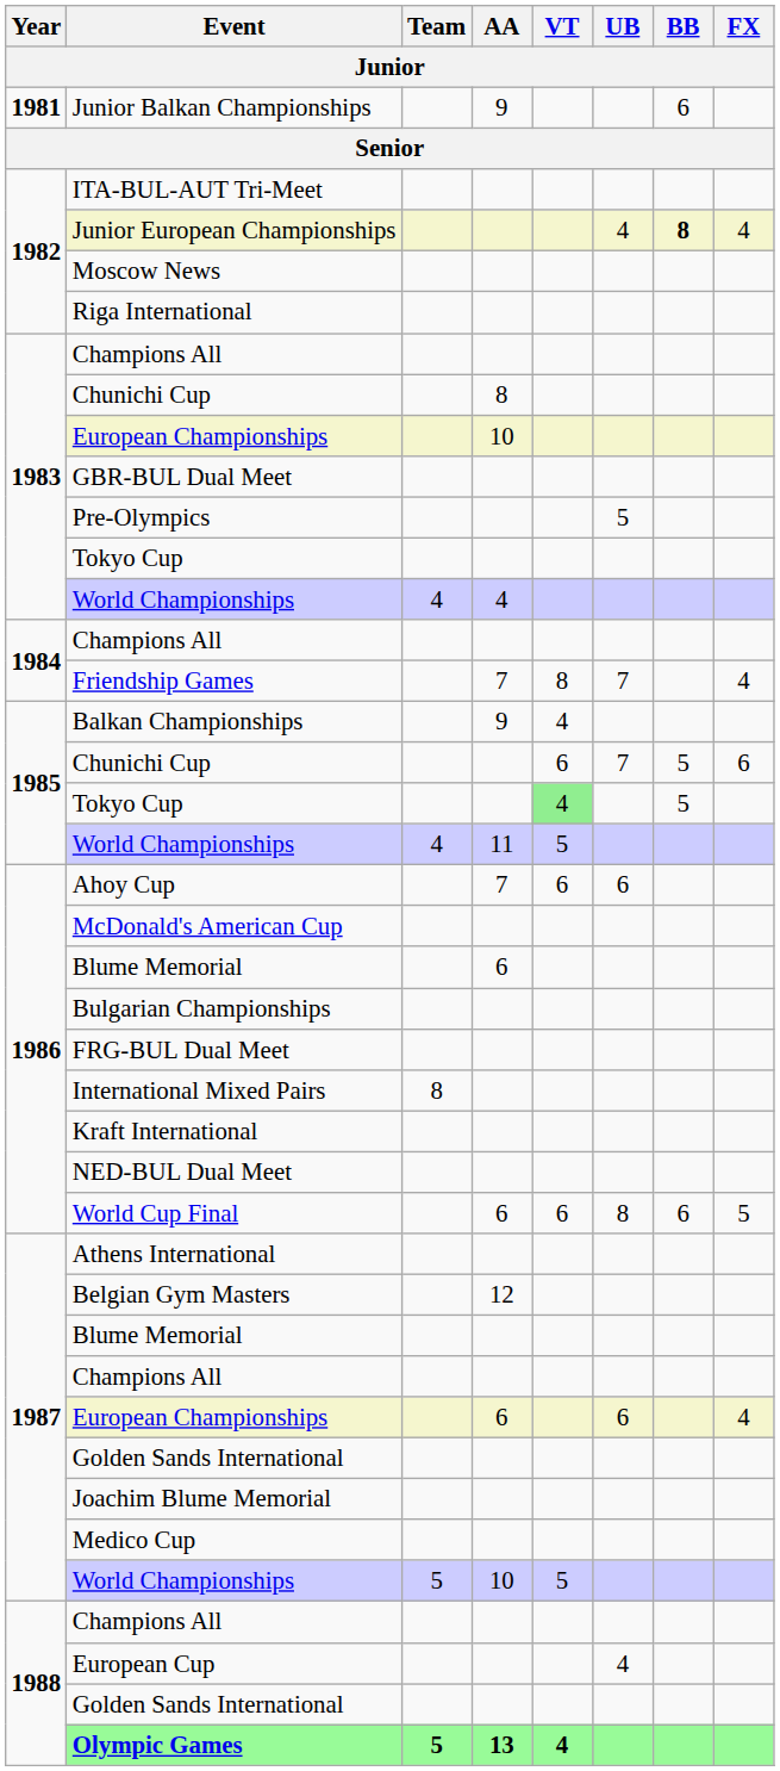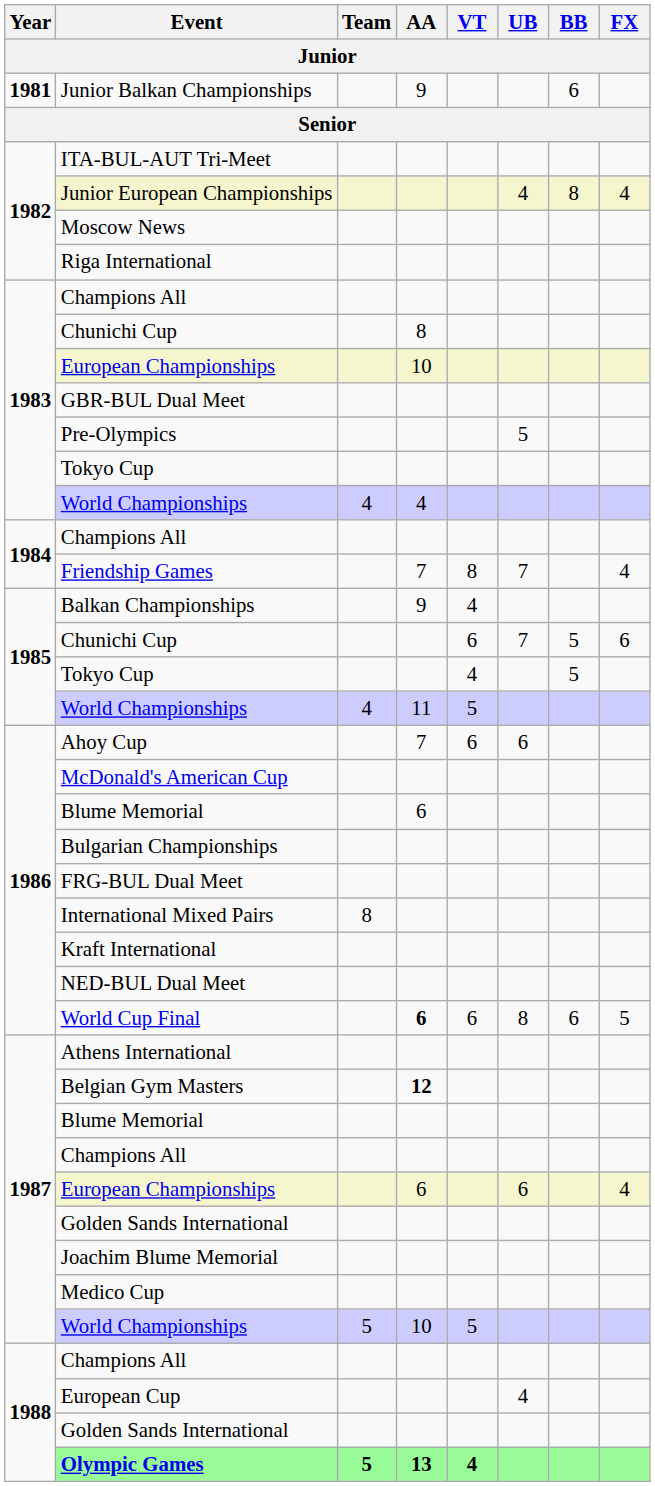 <table class="wikitable" style="text-align:center; font-size:95%;">
 <tr>
 <th align=center>Year</th>
 <th align=center>Event</th>
 <th style="width:30px;">Team</th>
 <th style="width:30px;">AA</th>
 <th style="width:30px;"><a href='#'>VT</a></th>
 <th style="width:30px;"><a href='#'>UB</a></th>
 <th style="width:30px;"><a href='#'>BB</a></th>
 <th style="width:30px;"><a href='#'>FX</a></th>
 </tr>
 <tr>
 <th colspan="8"><strong>Junior</strong></th>
 </tr>
 <tr>
 <td rowspan="1"><strong>1981</strong></td>
 <td align=left>Junior Balkan Championships</td>
 <td></td>
 <td>9</td>
 <td></td>
 <td></td>
 <td>6</td>
 <td></td>
 </tr>
 <tr>
 <th colspan="8"><strong>Senior</strong></th>
 </tr>
 <tr>
 <td rowspan="4"><strong>1982</strong></td>
 <td align=left>ITA-BUL-AUT Tri-Meet</td>
 <td></td>
 <td></td>
 <td></td>
 <td></td>
 <td></td>
 <td></td>
 </tr>
 <tr bgcolor=#F5F6CE>
 <td align=left>Junior European Championships</td>
 <td></td>
 <td></td>
 <td></td>
 <td>4</td>
-<td><strong>8</strong></td>
+<td>8</td>
 <td>4</td>
 </tr>
 <tr>
 <td align=left>Moscow News</td>
 <td></td>
 <td></td>
 <td></td>
 <td></td>
 <td></td>
 <td></td>
 </tr>
 <tr>
 <td align=left>Riga International</td>
 <td></td>
 <td></td>
 <td></td>
 <td></td>
 <td></td>
 <td></td>
 </tr>
 <tr>
 <td rowspan="7"><strong>1983</strong></td>
 <td align=left>Champions All</td>
 <td></td>
 <td></td>
 <td></td>
 <td></td>
 <td></td>
 <td></td>
 </tr>
 <tr>
 <td align=left>Chunichi Cup</td>
 <td></td>
 <td>8</td>
 <td></td>
 <td></td>
 <td></td>
 <td></td>
 </tr>
 <tr bgcolor=#F5F6CE>
 <td align=left><a href='#'>European Championships</a></td>
 <td></td>
 <td>10</td>
 <td></td>
 <td></td>
 <td></td>
 <td></td>
 </tr>
 <tr>
 <td align=left>GBR-BUL Dual Meet</td>
 <td></td>
 <td></td>
 <td></td>
 <td></td>
 <td></td>
 <td></td>
 </tr>
 <tr>
 <td align=left>Pre-Olympics</td>
 <td></td>
 <td></td>
 <td></td>
 <td>5</td>
 <td></td>
 <td></td>
 </tr>
 <tr>
 <td align=left>Tokyo Cup</td>
 <td></td>
 <td></td>
 <td></td>
 <td></td>
 <td></td>
 <td></td>
 </tr>
 <tr bgcolor=#CCCCFF>
 <td align=left><a href='#'>World Championships</a></td>
 <td>4</td>
 <td>4</td>
 <td></td>
 <td></td>
 <td></td>
 <td></td>
 </tr>
 <tr>
 <td rowspan="2"><strong>1984</strong></td>
 <td align=left>Champions All</td>
 <td></td>
 <td></td>
 <td></td>
 <td></td>
 <td></td>
 <td></td>
 </tr>
 <tr>
 <td align=left><a href='#'>Friendship Games</a></td>
 <td></td>
 <td>7</td>
 <td>8</td>
 <td>7</td>
 <td></td>
 <td>4</td>
 </tr>
 <tr>
 <td rowspan="4"><strong>1985</strong></td>
 <td align=left>Balkan Championships</td>
 <td></td>
 <td>9</td>
 <td>4</td>
 <td></td>
 <td></td>
 <td></td>
 </tr>
 <tr>
 <td align=left>Chunichi Cup</td>
 <td></td>
 <td></td>
 <td>6</td>
 <td>7</td>
 <td>5</td>
 <td>6</td>
 </tr>
 <tr>
 <td align=left>Tokyo Cup</td>
 <td></td>
 <td></td>
-<td style="background: lightgreen;">4</td>
+<td>4</td>
 <td></td>
 <td>5</td>
 <td></td>
 </tr>
 <tr bgcolor=#CCCCFF>
 <td align=left><a href='#'>World Championships</a></td>
 <td>4</td>
 <td>11</td>
 <td>5</td>
 <td></td>
 <td></td>
 <td></td>
 </tr>
 <tr>
 <td rowspan="9"><strong>1986</strong></td>
 <td align=left>Ahoy Cup</td>
 <td></td>
 <td>7</td>
 <td>6</td>
 <td>6</td>
 <td></td>
 <td></td>
 </tr>
 <tr>
 <td align=left><a href='#'>McDonald's American Cup</a></td>
 <td></td>
 <td></td>
 <td></td>
 <td></td>
 <td></td>
 <td></td>
 </tr>
 <tr>
 <td align=left>Blume Memorial</td>
 <td></td>
 <td>6</td>
 <td></td>
 <td></td>
 <td></td>
 <td></td>
 </tr>
 <tr>
 <td align=left>Bulgarian Championships</td>
 <td></td>
 <td></td>
 <td></td>
 <td></td>
 <td></td>
 <td></td>
 </tr>
 <tr>
 <td align=left>FRG-BUL Dual Meet</td>
 <td></td>
 <td></td>
 <td></td>
 <td></td>
 <td></td>
 <td></td>
 </tr>
 <tr>
 <td align=left>International Mixed Pairs</td>
 <td>8</td>
 <td></td>
 <td></td>
 <td></td>
 <td></td>
 <td></td>
 </tr>
 <tr>
 <td align=left>Kraft International</td>
 <td></td>
 <td></td>
 <td></td>
 <td></td>
 <td></td>
 <td></td>
 </tr>
 <tr>
 <td align=left>NED-BUL Dual Meet</td>
 <td></td>
 <td></td>
 <td></td>
 <td></td>
 <td></td>
 <td></td>
 </tr>
 <tr>
 <td align=left><a href='#'>World Cup Final</a></td>
 <td></td>
-<td>6</td>
+<td><strong>6</strong></td>
 <td>6</td>
 <td>8</td>
 <td>6</td>
 <td>5</td>
 </tr>
 <tr>
 <td rowspan="9"><strong>1987</strong></td>
 <td align=left>Athens International</td>
 <td></td>
 <td></td>
 <td></td>
 <td></td>
 <td></td>
 <td></td>
 </tr>
 <tr>
 <td align=left>Belgian Gym Masters</td>
 <td></td>
-<td>12</td>
+<td><strong>12</strong></td>
 <td></td>
 <td></td>
 <td></td>
 <td></td>
 </tr>
 <tr>
 <td align=left>Blume Memorial</td>
 <td></td>
 <td></td>
 <td></td>
 <td></td>
 <td></td>
 <td></td>
 </tr>
 <tr>
 <td align=left>Champions All</td>
 <td></td>
 <td></td>
 <td></td>
 <td></td>
 <td></td>
 <td></td>
 </tr>
 <tr bgcolor=#F5F6CE>
 <td align=left><a href='#'>European Championships</a></td>
 <td></td>
 <td>6</td>
 <td></td>
 <td>6</td>
 <td></td>
 <td>4</td>
 </tr>
 <tr>
 <td align=left>Golden Sands International</td>
 <td></td>
 <td></td>
 <td></td>
 <td></td>
 <td></td>
 <td></td>
 </tr>
 <tr>
 <td align=left>Joachim Blume Memorial</td>
 <td></td>
 <td></td>
 <td></td>
 <td></td>
 <td></td>
 <td></td>
 </tr>
 <tr>
 <td align=left>Medico Cup</td>
 <td></td>
 <td></td>
 <td></td>
 <td></td>
 <td></td>
 <td></td>
 </tr>
 <tr bgcolor=#CCCCFF>
 <td align=left><a href='#'>World Championships</a></td>
 <td>5</td>
 <td>10</td>
 <td>5</td>
 <td></td>
 <td></td>
 <td></td>
 </tr>
 <tr>
 <td rowspan="4"><strong>1988</strong></td>
 <td align=left>Champions All</td>
 <td></td>
 <td></td>
 <td></td>
 <td></td>
 <td></td>
 <td></td>
 </tr>
 <tr>
 <td align=left>European Cup</td>
 <td></td>
 <td></td>
 <td></td>
 <td>4</td>
 <td></td>
 <td></td>
 </tr>
 <tr>
 <td align=left>Golden Sands International</td>
 <td></td>
 <td></td>
 <td></td>
 <td></td>
 <td></td>
 <td></td>
 </tr>
 <tr bgcolor=98FB98>
 <td align=left><strong><a href='#'>Olympic Games</a></strong></td>
 <td><strong>5</strong></td>
 <td><strong>13</strong></td>
 <td><strong>4</strong></td>
 <td></td>
 <td></td>
 <td></td>
 </tr>
 <tr>
 </tr>
 </table>
